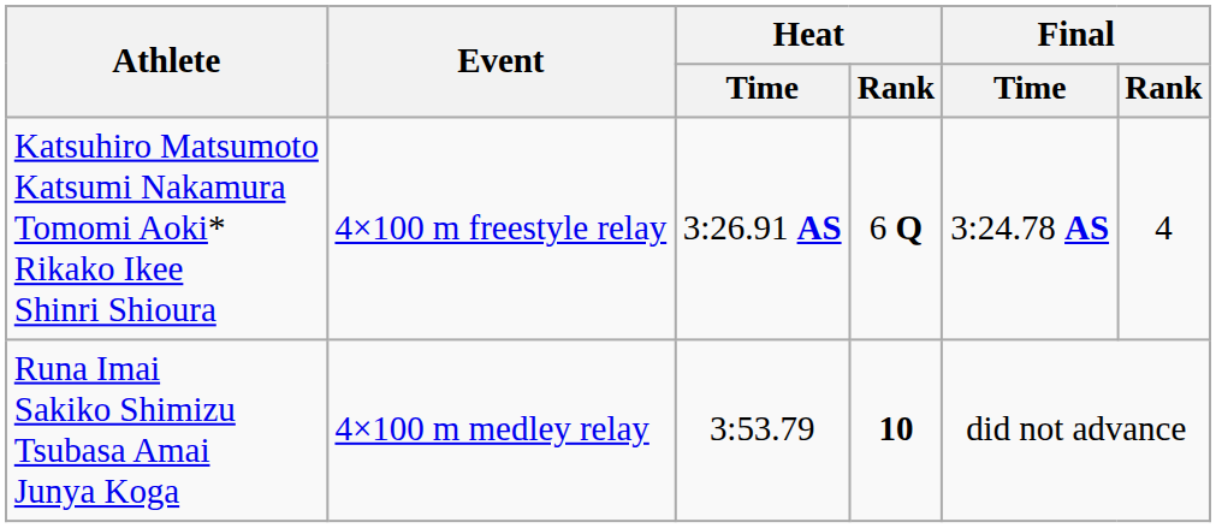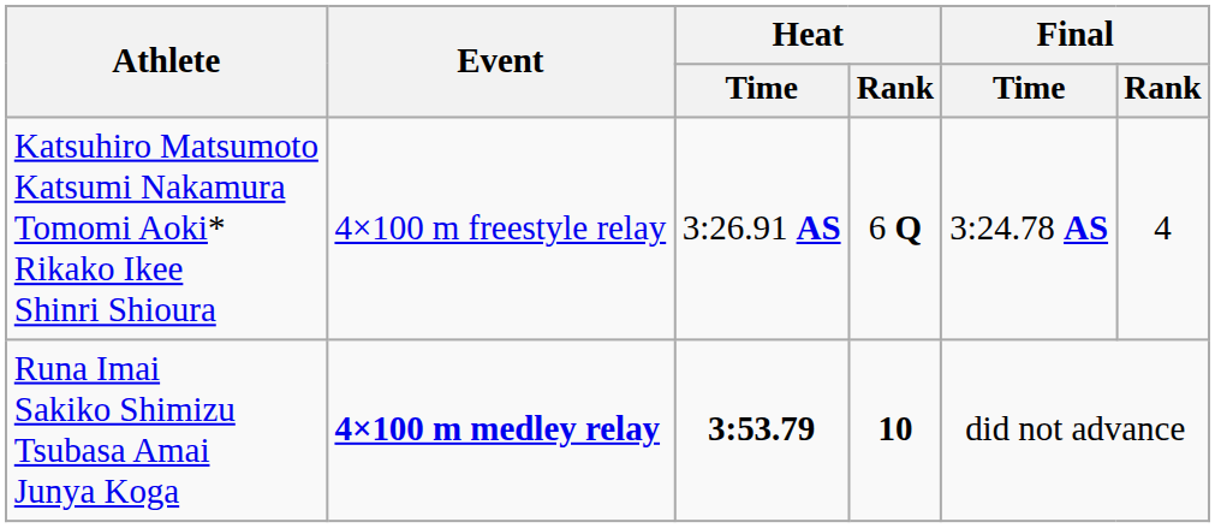 <table class=wikitable style="font-size:90%">
 <tr>
 <th rowspan="2">Athlete</th>
 <th rowspan="2">Event</th>
 <th colspan="2">Heat</th>
 <th colspan="2">Final</th>
 </tr>
 <tr style="font-size:95%">
 <th>Time</th>
 <th>Rank</th>
 <th>Time</th>
 <th>Rank</th>
 </tr>
 <tr align=center>
 <td align=left><a href='#'>Katsuhiro Matsumoto</a><br><a href='#'>Katsumi Nakamura</a><br><a href='#'>Tomomi Aoki</a>*<br><a href='#'>Rikako Ikee</a><br><a href='#'>Shinri Shioura</a></td>
 <td align=left><a href='#'>4×100 m freestyle relay</a></td>
 <td>3:26.91 <strong><a href='#'>AS</a></strong></td>
 <td>6 <strong>Q</strong></td>
 <td>3:24.78 <strong><a href='#'>AS</a></strong></td>
 <td>4</td>
 </tr>
 <tr align=center>
 <td align=left><a href='#'>Runa Imai</a><br><a href='#'>Sakiko Shimizu</a><br><a href='#'>Tsubasa Amai</a><br><a href='#'>Junya Koga</a></td>
-<td align=left><a href='#'>4×100 m medley relay</a></td>
-<td>3:53.79</td>
+<td align=left><strong><a href='#'>4×100 m medley relay</a></strong></td>
+<td><strong>3:53.79</strong></td>
 <td><strong>10</strong></td>
 <td colspan=2>did not advance</td>
 </tr>
 </table>
